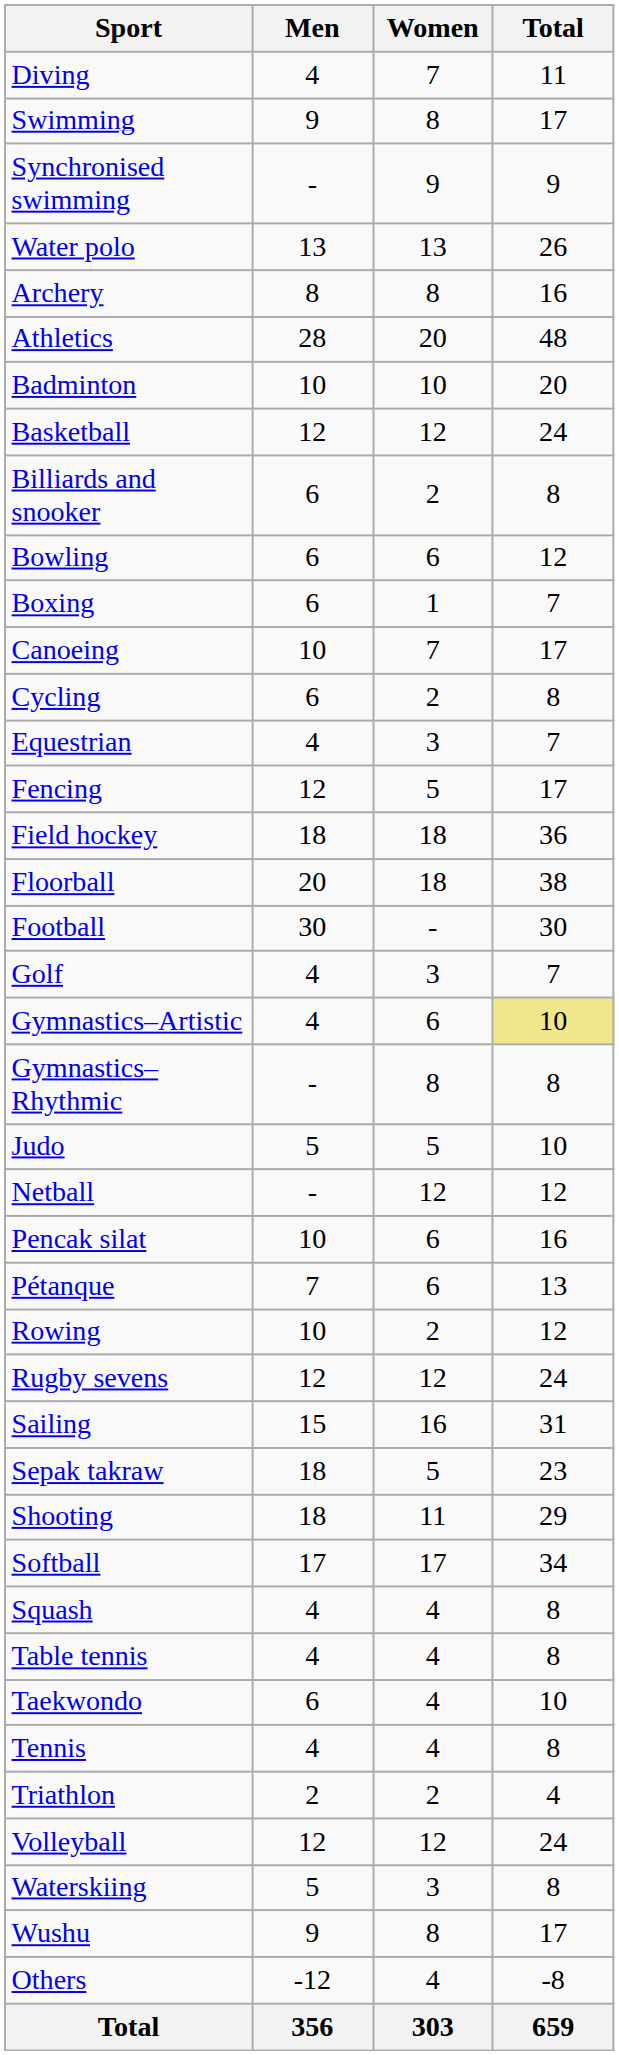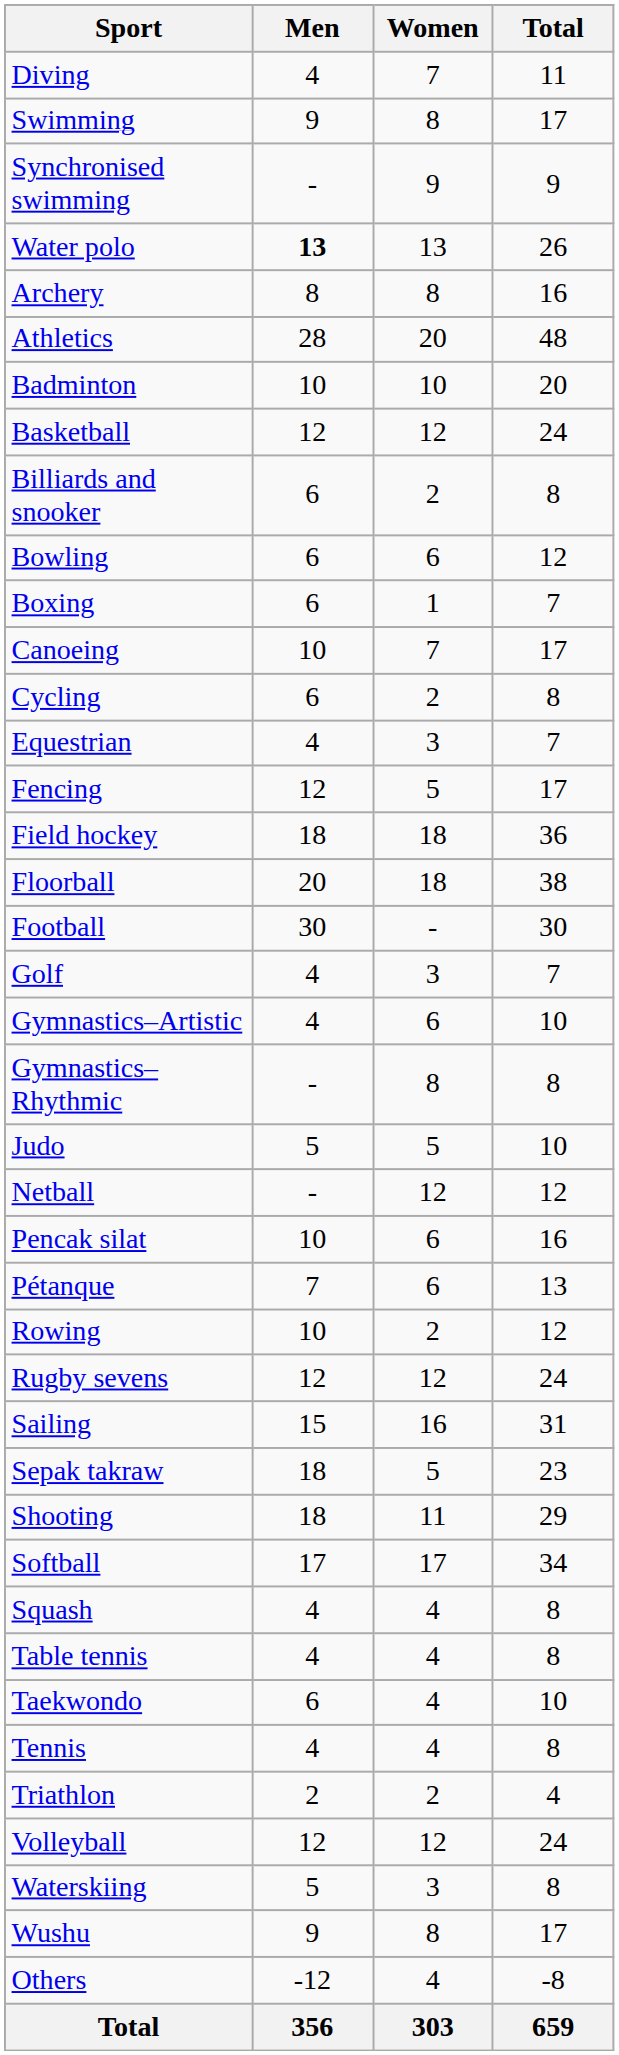 <table class="wikitable sortable" style="font-size:90%; text-align:center">
 <tr>
 <th width=120>Sport</th>
 <th width=55>Men</th>
 <th width=55>Women</th>
 <th width=55>Total</th>
 </tr>
 <tr>
 <td align=left><a href='#'>Diving</a></td>
 <td>4</td>
 <td>7</td>
 <td>11</td>
 </tr>
 <tr>
 <td align=left><a href='#'>Swimming</a></td>
 <td>9</td>
 <td>8</td>
 <td>17</td>
 </tr>
 <tr>
 <td align=left><a href='#'>Synchronised swimming</a></td>
 <td>-</td>
 <td>9</td>
 <td>9</td>
 </tr>
 <tr>
 <td align=left><a href='#'>Water polo</a></td>
-<td>13</td>
+<td><strong>13</strong></td>
 <td>13</td>
 <td>26</td>
 </tr>
 <tr>
 <td align=left><a href='#'>Archery</a></td>
 <td>8</td>
 <td>8</td>
 <td>16</td>
 </tr>
 <tr>
 <td align=left><a href='#'>Athletics</a></td>
 <td>28</td>
 <td>20</td>
 <td>48</td>
 </tr>
 <tr>
 <td align=left><a href='#'>Badminton</a></td>
 <td>10</td>
 <td>10</td>
 <td>20</td>
 </tr>
 <tr>
 <td align=left><a href='#'>Basketball</a></td>
 <td>12</td>
 <td>12</td>
 <td>24</td>
 </tr>
 <tr>
 <td align=left><a href='#'>Billiards and snooker</a></td>
 <td>6</td>
 <td>2</td>
 <td>8</td>
 </tr>
 <tr>
 <td align=left><a href='#'>Bowling</a></td>
 <td>6</td>
 <td>6</td>
 <td>12</td>
 </tr>
 <tr>
 <td align=left><a href='#'>Boxing</a></td>
 <td>6</td>
 <td>1</td>
 <td>7</td>
 </tr>
 <tr>
 <td align=left><a href='#'>Canoeing</a></td>
 <td>10</td>
 <td>7</td>
 <td>17</td>
 </tr>
 <tr>
 <td align=left><a href='#'>Cycling</a></td>
 <td>6</td>
 <td>2</td>
 <td>8</td>
 </tr>
 <tr>
 <td align=left><a href='#'>Equestrian</a></td>
 <td>4</td>
 <td>3</td>
 <td>7</td>
 </tr>
 <tr>
 <td align=left><a href='#'>Fencing</a></td>
 <td>12</td>
 <td>5</td>
 <td>17</td>
 </tr>
 <tr>
 <td align=left><a href='#'>Field hockey</a></td>
 <td>18</td>
 <td>18</td>
 <td>36</td>
 </tr>
 <tr>
 <td align=left><a href='#'>Floorball</a></td>
 <td>20</td>
 <td>18</td>
 <td>38</td>
 </tr>
 <tr>
 <td align=left><a href='#'>Football</a></td>
 <td>30</td>
 <td>-</td>
 <td>30</td>
 </tr>
 <tr>
 <td align=left><a href='#'>Golf</a></td>
 <td>4</td>
 <td>3</td>
 <td>7</td>
 </tr>
 <tr>
 <td align=left><a href='#'>Gymnastics–Artistic</a></td>
 <td>4</td>
 <td>6</td>
-<td style="background: khaki;">10</td>
+<td>10</td>
 </tr>
 <tr>
 <td align=left><a href='#'>Gymnastics–Rhythmic</a></td>
 <td>-</td>
 <td>8</td>
 <td>8</td>
 </tr>
 <tr>
 <td align=left><a href='#'>Judo</a></td>
 <td>5</td>
 <td>5</td>
 <td>10</td>
 </tr>
 <tr>
 <td align=left><a href='#'>Netball</a></td>
 <td>-</td>
 <td>12</td>
 <td>12</td>
 </tr>
 <tr>
 <td align=left><a href='#'>Pencak silat</a></td>
 <td>10</td>
 <td>6</td>
 <td>16</td>
 </tr>
 <tr>
 <td align=left><a href='#'>Pétanque</a></td>
 <td>7</td>
 <td>6</td>
 <td>13</td>
 </tr>
 <tr>
 <td align=left><a href='#'>Rowing</a></td>
 <td>10</td>
 <td>2</td>
 <td>12</td>
 </tr>
 <tr>
 <td align=left><a href='#'>Rugby sevens</a></td>
 <td>12</td>
 <td>12</td>
 <td>24</td>
 </tr>
 <tr>
 <td align=left><a href='#'>Sailing</a></td>
 <td>15</td>
 <td>16</td>
 <td>31</td>
 </tr>
 <tr>
 <td align=left><a href='#'>Sepak takraw</a></td>
 <td>18</td>
 <td>5</td>
 <td>23</td>
 </tr>
 <tr>
 <td align=left><a href='#'>Shooting</a></td>
 <td>18</td>
 <td>11</td>
 <td>29</td>
 </tr>
 <tr>
 <td align=left><a href='#'>Softball</a></td>
 <td>17</td>
 <td>17</td>
 <td>34</td>
 </tr>
 <tr>
 <td align=left><a href='#'>Squash</a></td>
 <td>4</td>
 <td>4</td>
 <td>8</td>
 </tr>
 <tr>
 <td align=left><a href='#'>Table tennis</a></td>
 <td>4</td>
 <td>4</td>
 <td>8</td>
 </tr>
 <tr>
 <td align=left><a href='#'>Taekwondo</a></td>
 <td>6</td>
 <td>4</td>
 <td>10</td>
 </tr>
 <tr>
 <td align=left><a href='#'>Tennis</a></td>
 <td>4</td>
 <td>4</td>
 <td>8</td>
 </tr>
 <tr>
 <td align=left><a href='#'>Triathlon</a></td>
 <td>2</td>
 <td>2</td>
 <td>4</td>
 </tr>
 <tr>
 <td align=left><a href='#'>Volleyball</a></td>
 <td>12</td>
 <td>12</td>
 <td>24</td>
 </tr>
 <tr>
 <td align=left><a href='#'>Waterskiing</a></td>
 <td>5</td>
 <td>3</td>
 <td>8</td>
 </tr>
 <tr>
 <td align=left><a href='#'>Wushu</a></td>
 <td>9</td>
 <td>8</td>
 <td>17</td>
 </tr>
 <tr>
 <td align=left><a href='#'>Others</a></td>
 <td>-12</td>
 <td>4</td>
 <td>-8</td>
 </tr>
 <tr class="sortbottom">
 <th>Total</th>
 <th>356</th>
 <th>303</th>
 <th>659</th>
 </tr>
 </table>
